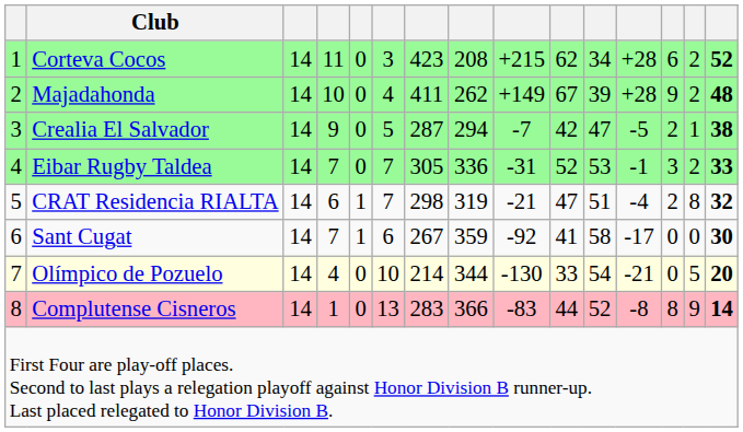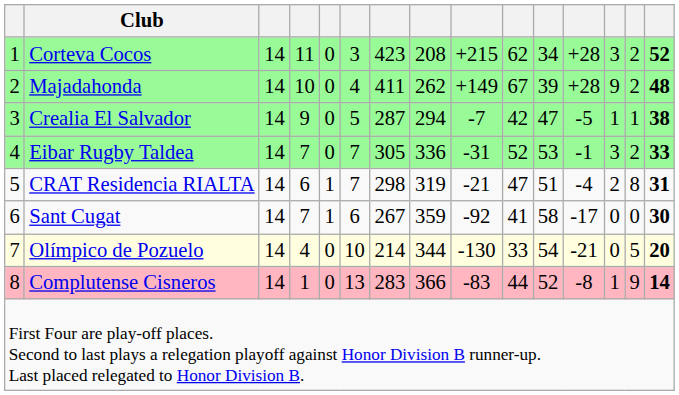 <table class="wikitable" style="text-align: center;">
 <tr>
 <th></th>
 <th>Club</th>
 <th></th>
 <th></th>
 <th></th>
 <th></th>
 <th></th>
 <th></th>
 <th></th>
 <th></th>
 <th></th>
 <th></th>
 <th></th>
 <th></th>
 <th></th>
 </tr>
 <tr bgcolor=palegreen>
 <td>1</td>
 <td style="text-align:left;"><a href='#'>Corteva Cocos</a></td>
 <td>14</td>
 <td>11</td>
 <td>0</td>
 <td>3</td>
 <td>423</td>
 <td>208</td>
 <td>+215</td>
 <td>62</td>
 <td>34</td>
 <td>+28</td>
-<td>6</td>
+<td>3</td>
 <td>2</td>
 <td><strong>52</strong></td>
 </tr>
 <tr bgcolor=palegreen>
 <td>2</td>
 <td style="text-align:left;"><a href='#'>Majadahonda</a></td>
 <td>14</td>
 <td>10</td>
 <td>0</td>
 <td>4</td>
 <td>411</td>
 <td>262</td>
 <td>+149</td>
 <td>67</td>
 <td>39</td>
 <td>+28</td>
 <td>9</td>
 <td>2</td>
 <td><strong>48</strong></td>
 </tr>
 <tr bgcolor=palegreen>
 <td>3</td>
 <td style="text-align:left;"><a href='#'>Crealia El Salvador</a></td>
 <td>14</td>
 <td>9</td>
 <td>0</td>
 <td>5</td>
 <td>287</td>
 <td>294</td>
 <td>-7</td>
 <td>42</td>
 <td>47</td>
 <td>-5</td>
-<td>2</td>
+<td>1</td>
 <td>1</td>
 <td><strong>38</strong></td>
 </tr>
 <tr bgcolor=palegreen>
 <td>4</td>
 <td style="text-align:left;"><a href='#'>Eibar Rugby Taldea</a></td>
 <td>14</td>
 <td>7</td>
 <td>0</td>
 <td>7</td>
 <td>305</td>
 <td>336</td>
 <td>-31</td>
 <td>52</td>
 <td>53</td>
 <td>-1</td>
 <td>3</td>
 <td>2</td>
 <td><strong>33</strong></td>
 </tr>
 <tr>
 <td>5</td>
 <td style="text-align:left;"><a href='#'>CRAT Residencia RIALTA</a></td>
 <td>14</td>
 <td>6</td>
 <td>1</td>
 <td>7</td>
 <td>298</td>
 <td>319</td>
 <td>-21</td>
 <td>47</td>
 <td>51</td>
 <td>-4</td>
 <td>2</td>
 <td>8</td>
-<td><strong>32</strong></td>
+<td><strong>31</strong></td>
 </tr>
 <tr>
 <td>6</td>
 <td style="text-align:left;"><a href='#'>Sant Cugat</a></td>
 <td>14</td>
 <td>7</td>
 <td>1</td>
 <td>6</td>
 <td>267</td>
 <td>359</td>
 <td>-92</td>
 <td>41</td>
 <td>58</td>
 <td>-17</td>
 <td>0</td>
 <td>0</td>
 <td><strong>30</strong></td>
 </tr>
 <tr bgcolor=lightyellow>
 <td>7</td>
 <td style="text-align:left;"><a href='#'>Olímpico de Pozuelo</a></td>
 <td>14</td>
 <td>4</td>
 <td>0</td>
 <td>10</td>
 <td>214</td>
 <td>344</td>
 <td>-130</td>
 <td>33</td>
 <td>54</td>
 <td>-21</td>
 <td>0</td>
 <td>5</td>
 <td><strong>20</strong></td>
 </tr>
 <tr bgcolor=lightpink>
 <td>8</td>
 <td style="text-align:left;"><a href='#'>Complutense Cisneros</a></td>
 <td>14</td>
 <td>1</td>
 <td>0</td>
 <td>13</td>
 <td>283</td>
 <td>366</td>
 <td>-83</td>
 <td>44</td>
 <td>52</td>
 <td>-8</td>
-<td>8</td>
+<td>1</td>
 <td>9</td>
 <td><strong>14</strong></td>
 </tr>
 <tr | style="text-align:left;" |>
 <td colspan="15" style="border:0px; font-size:smaller"><br><span>First Four</span> are play-off places. <br> <span>Second to last</span> plays a relegation playoff against <a href='#'>Honor Division B</a> runner-up. <br> <span>Last placed</span> relegated to <a href='#'>Honor Division B</a>.</td>
 </tr>
 </table>
